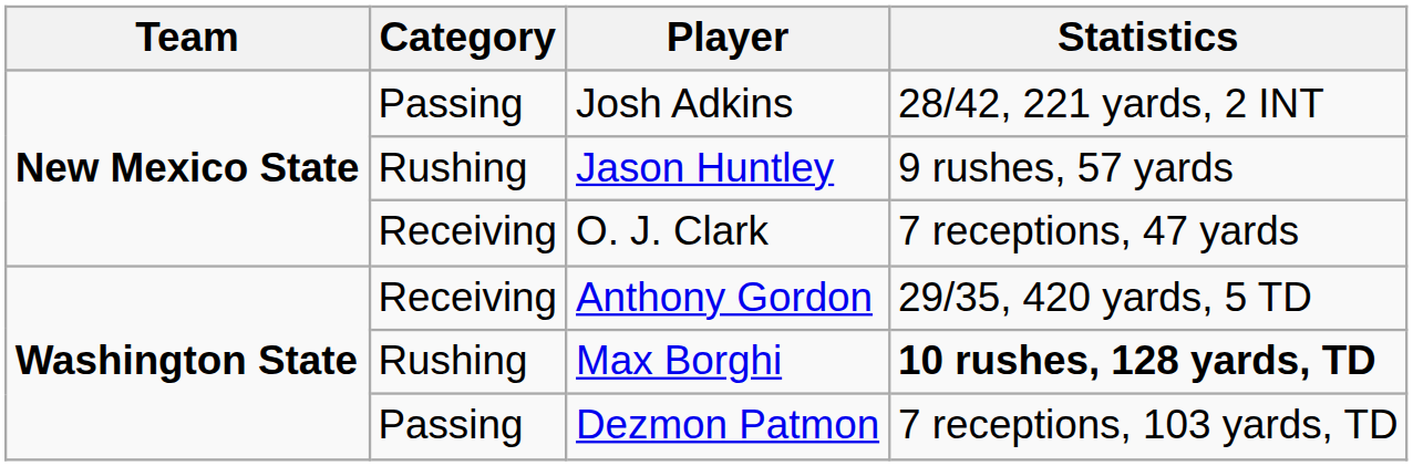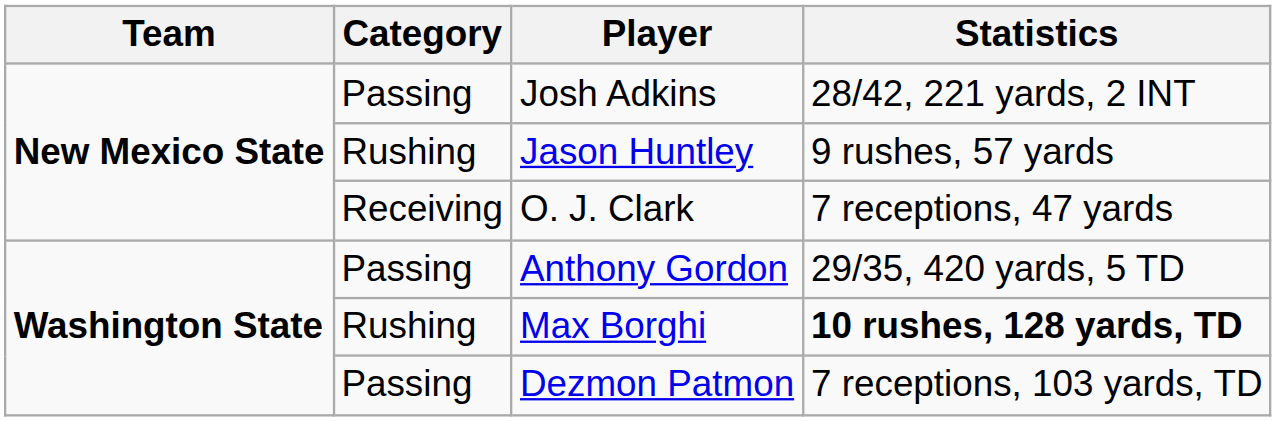 <table class="wikitable" style="float: left;">
 <tr>
 <th>Team</th>
 <th>Category</th>
 <th>Player</th>
 <th>Statistics</th>
 </tr>
 <tr>
 <td rowspan=3><strong>New Mexico State</strong></td>
 <td>Passing</td>
 <td>Josh Adkins</td>
 <td>28/42, 221 yards, 2 INT</td>
 </tr>
 <tr>
 <td>Rushing</td>
 <td><a href='#'>Jason Huntley</a></td>
 <td>9 rushes, 57 yards</td>
 </tr>
 <tr>
 <td>Receiving</td>
 <td>O. J. Clark</td>
 <td>7 receptions, 47 yards</td>
 </tr>
 <tr>
 <td rowspan=3><strong>Washington State</strong></td>
-<td>Receiving</td>
+<td>Passing</td>
 <td><a href='#'>Anthony Gordon</a></td>
 <td>29/35, 420 yards, 5 TD</td>
 </tr>
 <tr>
 <td>Rushing</td>
 <td><a href='#'>Max Borghi</a></td>
 <td><strong>10 rushes, 128 yards, TD</strong></td>
 </tr>
 <tr>
 <td>Passing</td>
 <td><a href='#'>Dezmon Patmon</a></td>
 <td>7 receptions, 103 yards, TD</td>
 </tr>
 </table>
